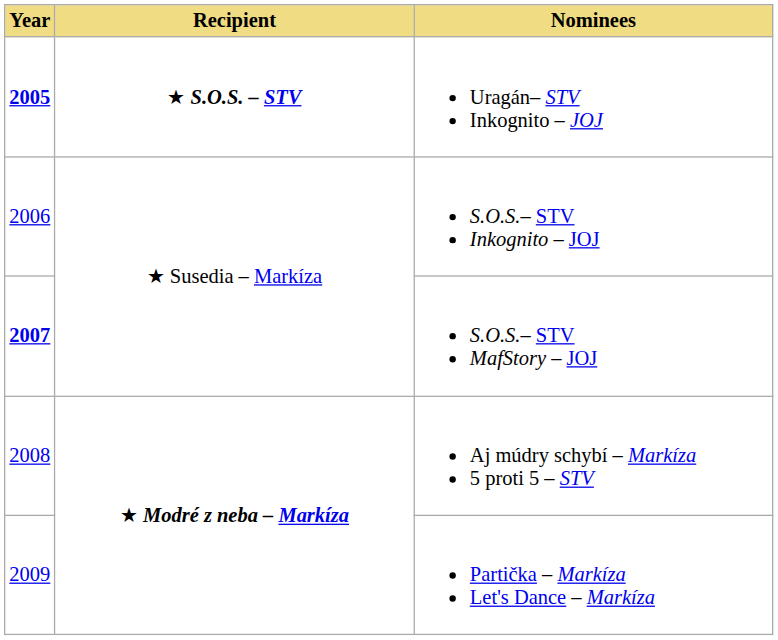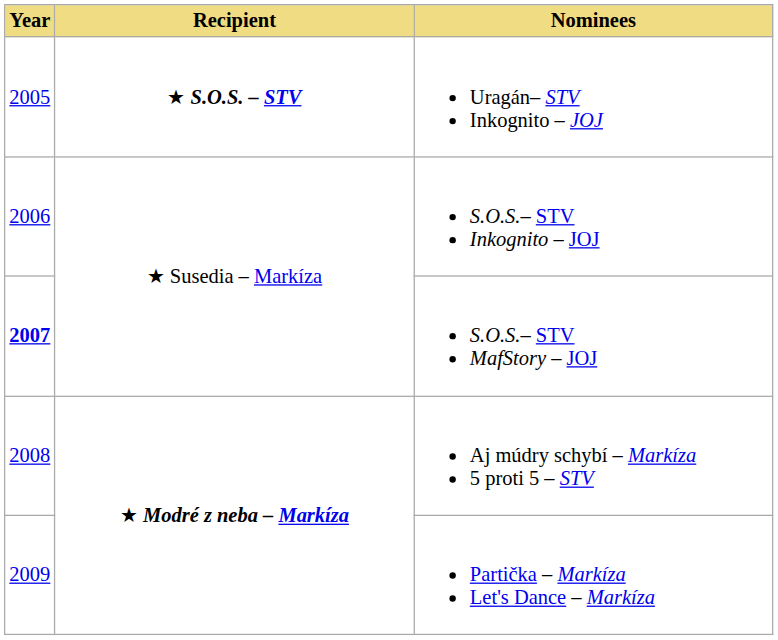 <table class=wikitable sortable style="background:white">
 <tr>
 <th style=background:#F0DC82>Year</th>
 <th style=background:#F0DC82 width=273>Recipient</th>
 <th style=background:#F0DC82 width=273>Nominees</th>
 </tr>
 <tr>
-<td><strong><a href='#'>2005</a></strong></td>
+<td><a href='#'>2005</a></td>
 <td align=center>★ <strong><em>S.O.S.<em> – <a href='#'>STV</a><strong></td>
 <td><br><ul><li></em>Uragán<em>– <a href='#'>STV</a></li><li></em>Inkognito<em> – <a href='#'>JOJ</a></li></ul></td>
 </tr>
 <tr>
 <td><a href='#'>2006</a></td>
 <td align=center rowspan=2>★ </em></strong>Susedia</em> – <a href='#'>Markíza</a></strong> <br></td>
 <td><br><ul><li><em>S.O.S.</em>– <a href='#'>STV</a></li><li><em>Inkognito</em> – <a href='#'>JOJ</a></li></ul></td>
 </tr>
 <tr>
 <td><strong><a href='#'>2007</a></strong></td>
 <td><br><ul><li><em>S.O.S.</em>– <a href='#'>STV</a></li><li><em>MafStory</em> – <a href='#'>JOJ</a></li></ul></td>
 </tr>
 <tr>
 <td><a href='#'>2008</a></td>
 <td align=center rowspan=2>★ <strong><em>Modré z neba<em> – <a href='#'>Markíza</a><strong> <br></td>
 <td><br><ul><li></em>Aj múdry schybí<em> – <a href='#'>Markíza</a></li><li></em>5 proti 5<em> – <a href='#'>STV</a></li></ul></td>
 </tr>
 <tr>
 <td><a href='#'>2009</a></td>
 <td><br><ul><li></em><a href='#'>Partička</a><em> – <a href='#'>Markíza</a></li><li></em><a href='#'>Let's Dance</a><em> – <a href='#'>Markíza</a></li></ul></td>
 </tr>
 </table>
